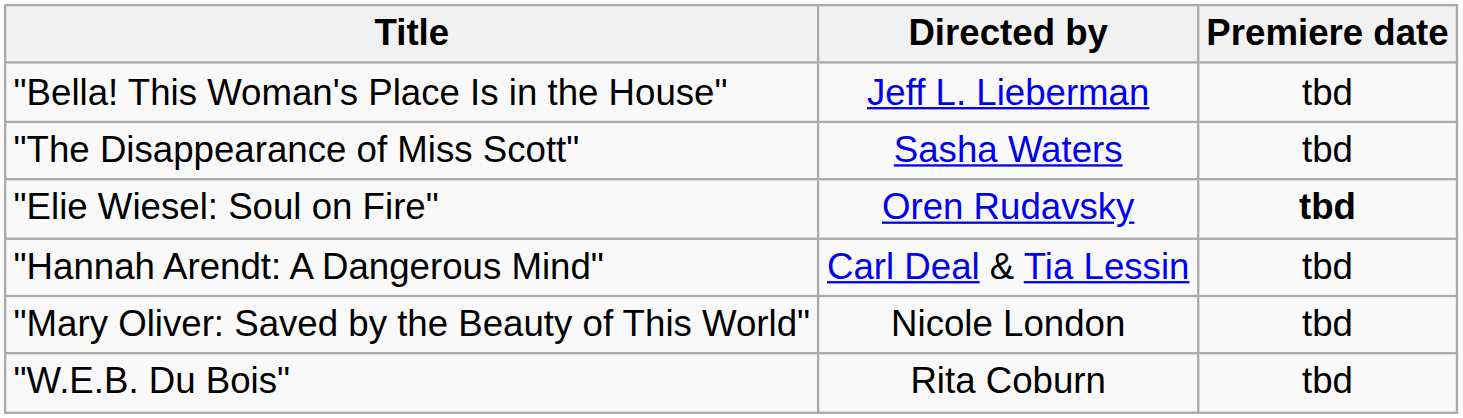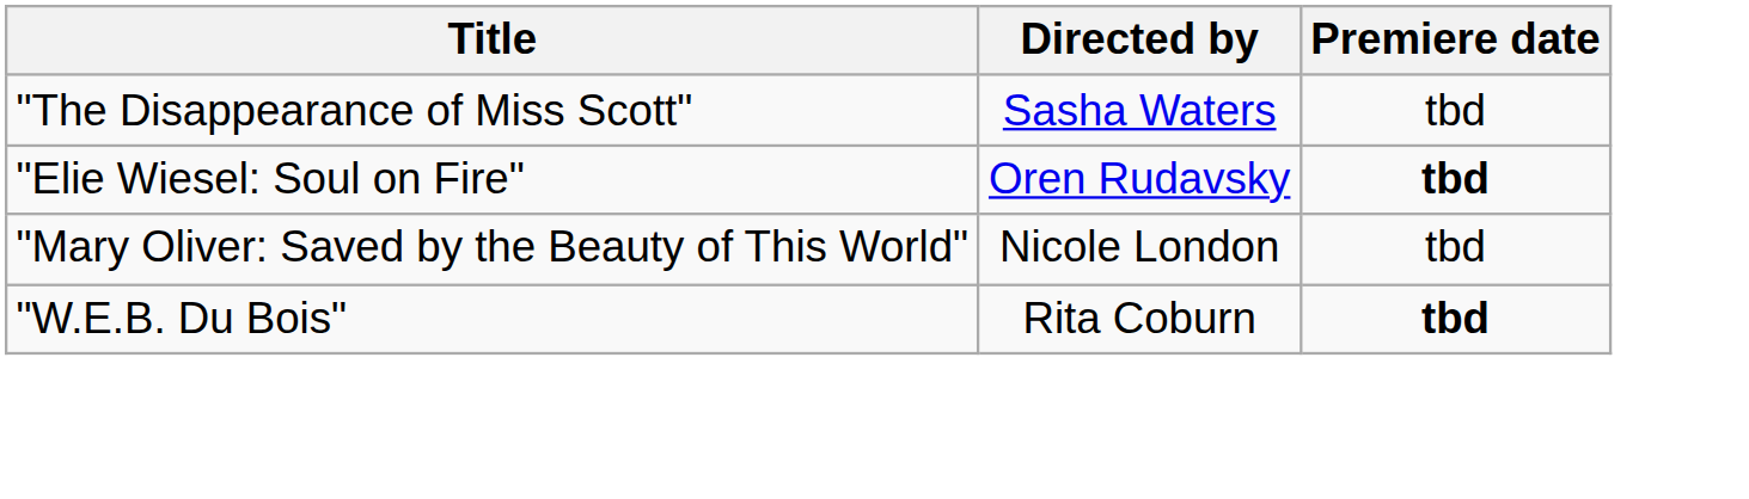 <table class="wikitable" style="text-align: center;">
 <tr>
 <th scope="col" style="background">Title</th>
 <th scope="col" style="background">Directed by</th>
 <th scope="col" style="background">Premiere date</th>
-</tr>
-<tr style="background">
-<td style="text-align: left;">"Bella! This Woman's Place Is in the House"</td>
-<td><a href='#'>Jeff L. Lieberman</a></td>
-<td>tbd</td>
 </tr>
 <tr style="background">
 <td style="text-align: left;">"The Disappearance of Miss Scott"</td>
 <td><a href='#'>Sasha Waters</a></td>
 <td>tbd</td>
 </tr>
 <tr style="background">
 <td style="text-align: left;">"Elie Wiesel: Soul on Fire"</td>
 <td><a href='#'>Oren Rudavsky</a></td>
 <td><strong>tbd</strong></td>
 </tr>
 <tr style="background">
-<td style="text-align: left;">"Hannah Arendt: A Dangerous Mind"</td>
-<td><a href='#'>Carl Deal</a> & <a href='#'>Tia Lessin</a></td>
-<td>tbd</td>
-</tr>
-<tr style="background">
 <td style="text-align: left;">"Mary Oliver: Saved by the Beauty of This World"</td>
 <td>Nicole London</td>
 <td>tbd</td>
 </tr>
 <tr style="background">
 <td style="text-align: left;">"W.E.B. Du Bois"</td>
 <td>Rita Coburn</td>
-<td>tbd</td>
+<td><strong>tbd</strong></td>
 </tr>
 </table>
